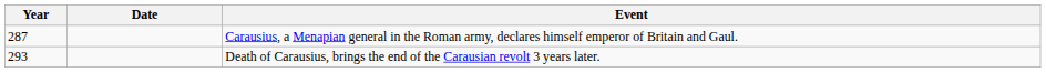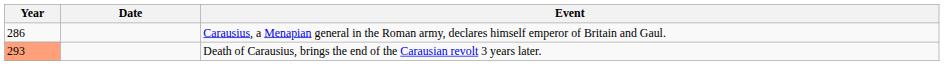 <table class="wikitable" width="100%">
 <tr>
 <th style="width:6%">Year</th>
 <th style="width:15%">Date</th>
 <th>Event</th>
 </tr>
 <tr>
-<td>287</td>
+<td>286</td>
 <td></td>
 <td><a href='#'>Carausius</a>, a <a href='#'>Menapian</a> general in the Roman army, declares himself emperor of Britain and Gaul.</td>
 </tr>
 <tr>
-<td>293</td>
+<td style="background: lightsalmon;">293</td>
 <td></td>
 <td>Death of Carausius, brings the end of the <a href='#'>Carausian revolt</a> 3 years later.</td>
 </tr>
 </table>
